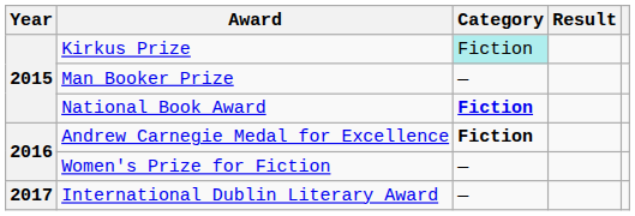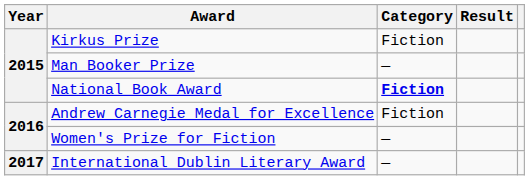 <table class="wikitable plainrowheaders sortable">
 <tr>
 <th scope="col">Year</th>
 <th scope="col">Award</th>
 <th scope="col">Category</th>
 <th scope="col">Result</th>
 <th scope="col" class="unsortable"></th>
 </tr>
 <tr>
 <th rowspan="3">2015</th>
 <td><a href='#'>Kirkus Prize</a></td>
-<td style="background: paleturquoise;">Fiction</td>
+<td>Fiction</td>
 <td></td>
 <td></td>
 </tr>
 <tr>
 <td><a href='#'>Man Booker Prize</a></td>
 <td>—</td>
 <td></td>
 <td></td>
 </tr>
 <tr>
 <td><a href='#'>National Book Award</a></td>
 <td><strong><a href='#'>Fiction</a></strong></td>
 <td></td>
 <td></td>
 </tr>
 <tr>
 <th rowspan="2">2016</th>
 <td><a href='#'>Andrew Carnegie Medal for Excellence</a></td>
-<td><strong>Fiction</strong></td>
+<td>Fiction</td>
 <td></td>
 <td></td>
 </tr>
 <tr>
 <td><a href='#'>Women's Prize for Fiction</a></td>
 <td>—</td>
 <td></td>
 <td></td>
 </tr>
 <tr>
 <th rowspan="1">2017</th>
 <td><a href='#'>International Dublin Literary Award</a></td>
 <td>—</td>
 <td></td>
 <td></td>
 </tr>
 </table>
